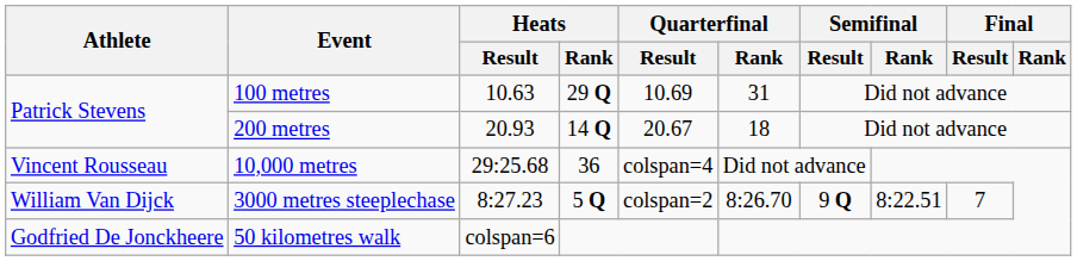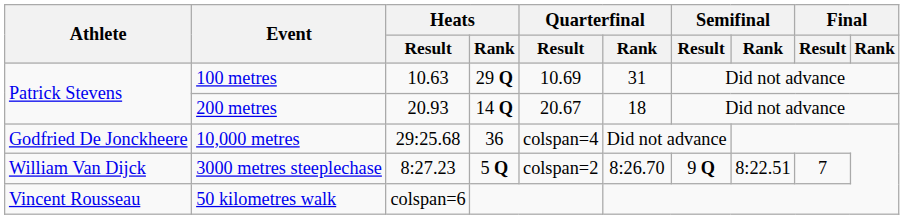 <table class="wikitable" style="font-size:90%">
 <tr>
 <th rowspan="2">Athlete</th>
 <th rowspan="2">Event</th>
 <th colspan="2">Heats</th>
 <th colspan="2">Quarterfinal</th>
 <th colspan="2">Semifinal</th>
 <th colspan="2">Final</th>
 </tr>
 <tr style="font-size:95%">
 <th>Result</th>
 <th>Rank</th>
 <th>Result</th>
 <th>Rank</th>
 <th>Result</th>
 <th>Rank</th>
 <th>Result</th>
 <th>Rank</th>
 </tr>
 <tr align=center>
 <td align=left rowspan=2><a href='#'>Patrick Stevens</a></td>
 <td align=left><a href='#'>100 metres</a></td>
 <td>10.63</td>
 <td>29 <strong>Q</strong></td>
 <td>10.69</td>
 <td>31</td>
 <td colspan=4>Did not advance</td>
 </tr>
 <tr align=center>
 <td align=left><a href='#'>200 metres</a></td>
 <td>20.93</td>
 <td>14 <strong>Q</strong></td>
 <td>20.67</td>
 <td>18</td>
 <td colspan=4>Did not advance</td>
 </tr>
 <tr align=center>
-<td align=left><a href='#'>Vincent Rousseau</a></td>
+<td align=left><a href='#'>Godfried De Jonckheere</a></td>
 <td align=left><a href='#'>10,000 metres</a></td>
 <td>29:25.68</td>
 <td>36</td>
 <td>colspan=4</td>
 <td colspan=2>Did not advance</td>
 </tr>
 <tr align=center>
 <td align=left><a href='#'>William Van Dijck</a></td>
 <td align=left><a href='#'>3000 metres steeplechase</a></td>
 <td>8:27.23</td>
 <td>5 <strong>Q</strong></td>
 <td>colspan=2</td>
 <td>8:26.70</td>
 <td>9 <strong>Q</strong></td>
 <td>8:22.51</td>
 <td>7</td>
 </tr>
 <tr align=center>
-<td align=left><a href='#'>Godfried De Jonckheere</a></td>
+<td align=left><a href='#'>Vincent Rousseau</a></td>
 <td align=left><a href='#'>50 kilometres walk</a></td>
 <td>colspan=6</td>
 <td colspan=2></td>
 </tr>
 </table>
